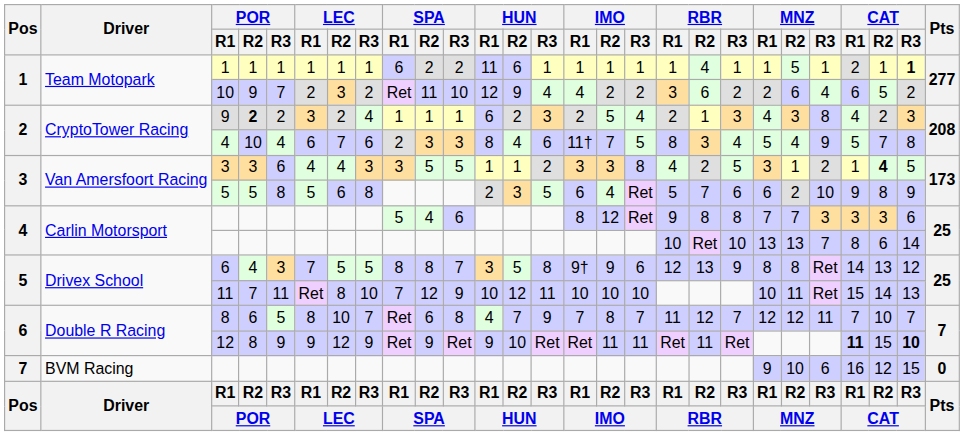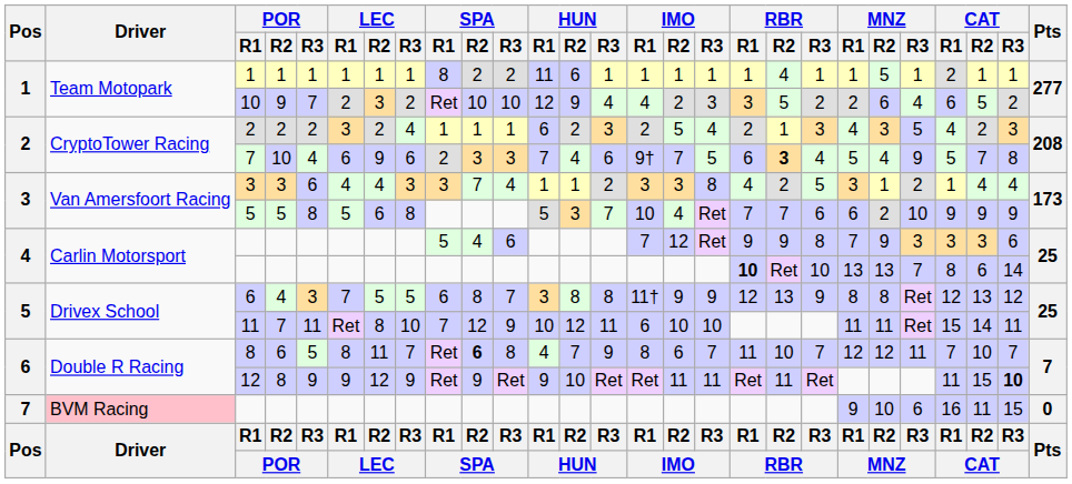 <table class="wikitable" style="font-size: 85%; text-align:center">
 <tr>
 <th rowspan="2" valign="middle">Pos</th>
 <th rowspan="2" valign="middle">Driver</th>
 <th colspan="3"><a href='#'>POR</a><br></th>
 <th colspan="3"><a href='#'>LEC</a><br></th>
 <th colspan="3"><a href='#'>SPA</a><br></th>
 <th colspan="3"><a href='#'>HUN</a><br></th>
 <th colspan="3"><a href='#'>IMO</a><br></th>
 <th colspan="3"><a href='#'>RBR</a><br></th>
 <th colspan="3"><a href='#'>MNZ</a><br></th>
 <th colspan="3"><a href='#'>CAT</a><br></th>
 <th rowspan="2" valign="middle">Pts</th>
 </tr>
 <tr>
 <th>R1</th>
 <th>R2</th>
 <th>R3</th>
 <th>R1</th>
 <th>R2</th>
 <th>R3</th>
 <th>R1</th>
 <th>R2</th>
 <th>R3</th>
 <th>R1</th>
 <th>R2</th>
 <th>R3</th>
 <th>R1</th>
 <th>R2</th>
 <th>R3</th>
 <th>R1</th>
 <th>R2</th>
 <th>R3</th>
 <th>R1</th>
 <th>R2</th>
 <th>R3</th>
 <th>R1</th>
 <th>R2</th>
 <th>R3</th>
 </tr>
 <tr>
 <th rowspan="2">1</th>
 <td rowspan="2" align="left"> <a href='#'>Team Motopark</a></td>
 <td style="background:#FFFFBF;">1</td>
 <td style="background:#FFFFBF;">1</td>
 <td style="background:#FFFFBF;">1</td>
 <td style="background:#FFFFBF;">1</td>
 <td style="background:#FFFFBF;">1</td>
 <td style="background:#FFFFBF;">1</td>
-<td style="background:#cfcfff;">6</td>
+<td style="background:#cfcfff;">8</td>
 <td style="background:#DFDFDF;">2</td>
 <td style="background:#DFDFDF;">2</td>
 <td style="background:#cfcfff;">11</td>
 <td style="background:#cfcfff;">6</td>
 <td style="background:#FFFFBF;">1</td>
 <td style="background:#FFFFBF;">1</td>
 <td style="background:#FFFFBF;">1</td>
 <td style="background:#FFFFBF;">1</td>
 <td style="background:#FFFFBF;">1</td>
 <td style="background:#DFFFDF;">4</td>
 <td style="background:#FFFFBF;">1</td>
 <td style="background:#FFFFBF;">1</td>
 <td style="background:#DFFFDF;">5</td>
 <td style="background:#FFFFBF;">1</td>
 <td style="background:#DFDFDF;">2</td>
 <td style="background:#FFFFBF;">1</td>
-<td style="background:#FFFFBF;"><strong>1</strong></td>
+<td style="background:#FFFFBF;">1</td>
 <th rowspan="2">277</th>
 </tr>
 <tr>
 <td style="background:#cfcfff;">10</td>
 <td style="background:#cfcfff;">9</td>
 <td style="background:#cfcfff;">7</td>
 <td style="background:#DFDFDF;">2</td>
 <td style="background:#FFDF9F;">3</td>
 <td style="background:#DFDFDF;">2</td>
 <td style="background:#EFCFFF;">Ret</td>
-<td style="background:#cfcfff;">11</td>
+<td style="background:#cfcfff;">10</td>
 <td style="background:#cfcfff;">10</td>
 <td style="background:#cfcfff;">12</td>
 <td style="background:#cfcfff;">9</td>
 <td style="background:#DFFFDF;">4</td>
 <td style="background:#DFFFDF;">4</td>
 <td style="background:#DFDFDF;">2</td>
-<td style="background:#DFDFDF;">2</td>
+<td style="background:#DFDFDF;">3</td>
 <td style="background:#FFDF9F;">3</td>
-<td style="background:#DFFFDF;">6</td>
+<td style="background:#DFFFDF;">5</td>
 <td style="background:#DFDFDF;">2</td>
 <td style="background:#DFDFDF;">2</td>
 <td style="background:#cfcfff;">6</td>
 <td style="background:#DFFFDF;">4</td>
 <td style="background:#cfcfff;">6</td>
 <td style="background:#DFFFDF;">5</td>
 <td style="background:#DFDFDF;">2</td>
 </tr>
 <tr>
 <th rowspan="2">2</th>
 <td rowspan="2" align="left"> <a href='#'>CryptoTower Racing</a></td>
-<td style="background:#DFDFDF;">9</td>
-<td style="background:#DFDFDF;"><strong>2</strong></td>
+<td style="background:#DFDFDF;">2</td>
+<td style="background:#DFDFDF;">2</td>
 <td style="background:#DFDFDF;">2</td>
 <td style="background:#FFDF9F;">3</td>
 <td style="background:#DFDFDF;">2</td>
 <td style="background:#DFFFDF;">4</td>
 <td style="background:#FFFFBF;">1</td>
 <td style="background:#FFFFBF;">1</td>
 <td style="background:#FFFFBF;">1</td>
 <td style="background:#cfcfff;">6</td>
 <td style="background:#DFDFDF;">2</td>
 <td style="background:#FFDF9F;">3</td>
 <td style="background:#DFDFDF;">2</td>
 <td style="background:#DFFFDF;">5</td>
 <td style="background:#DFFFDF;">4</td>
 <td style="background:#DFDFDF;">2</td>
 <td style="background:#FFFFBF;">1</td>
 <td style="background:#FFDF9F;">3</td>
 <td style="background:#DFFFDF;">4</td>
 <td style="background:#FFDF9F;">3</td>
-<td style="background:#cfcfff;">8</td>
+<td style="background:#cfcfff;">5</td>
 <td style="background:#DFFFDF;">4</td>
 <td style="background:#DFDFDF;">2</td>
 <td style="background:#FFDF9F;">3</td>
 <th rowspan="2">208</th>
 </tr>
 <tr>
-<td style="background:#DFFFDF;">4</td>
+<td style="background:#DFFFDF;">7</td>
 <td style="background:#cfcfff;">10</td>
 <td style="background:#DFFFDF;">4</td>
 <td style="background:#cfcfff;">6</td>
-<td style="background:#cfcfff;">7</td>
+<td style="background:#cfcfff;">9</td>
 <td style="background:#cfcfff;">6</td>
 <td style="background:#DFDFDF;">2</td>
 <td style="background:#FFDF9F;">3</td>
 <td style="background:#FFDF9F;">3</td>
-<td style="background:#cfcfff;">8</td>
+<td style="background:#cfcfff;">7</td>
 <td style="background:#DFFFDF;">4</td>
 <td style="background:#cfcfff;">6</td>
-<td style="background:#cfcfff;">11†</td>
+<td style="background:#cfcfff;">9†</td>
 <td style="background:#cfcfff;">7</td>
 <td style="background:#DFFFDF;">5</td>
-<td style="background:#cfcfff;">8</td>
-<td style="background:#FFDF9F;">3</td>
+<td style="background:#cfcfff;">6</td>
+<td style="background:#FFDF9F;"><strong>3</strong></td>
 <td style="background:#DFFFDF;">4</td>
 <td style="background:#DFFFDF;">5</td>
 <td style="background:#DFFFDF;">4</td>
 <td style="background:#cfcfff;">9</td>
 <td style="background:#DFFFDF;">5</td>
 <td style="background:#cfcfff;">7</td>
 <td style="background:#cfcfff;">8</td>
 </tr>
 <tr>
 <th rowspan="2">3</th>
 <td rowspan="2" align="left"> <a href='#'>Van Amersfoort Racing</a></td>
 <td style="background:#FFDF9F;">3</td>
 <td style="background:#FFDF9F;">3</td>
 <td style="background:#cfcfff;">6</td>
 <td style="background:#DFFFDF;">4</td>
 <td style="background:#DFFFDF;">4</td>
 <td style="background:#FFDF9F;">3</td>
 <td style="background:#FFDF9F;">3</td>
-<td style="background:#DFFFDF;">5</td>
-<td style="background:#DFFFDF;">5</td>
+<td style="background:#DFFFDF;">7</td>
+<td style="background:#DFFFDF;">4</td>
 <td style="background:#FFFFBF;">1</td>
 <td style="background:#FFFFBF;">1</td>
 <td style="background:#DFDFDF;">2</td>
 <td style="background:#FFDF9F;">3</td>
 <td style="background:#FFDF9F;">3</td>
 <td style="background:#cfcfff;">8</td>
 <td style="background:#DFFFDF;">4</td>
 <td style="background:#DFDFDF;">2</td>
 <td style="background:#DFFFDF;">5</td>
 <td style="background:#FFDF9F;">3</td>
 <td style="background:#FFFFBF;">1</td>
 <td style="background:#DFDFDF;">2</td>
 <td style="background:#FFFFBF;">1</td>
-<td style="background:#DFFFDF;"><strong>4</strong></td>
-<td style="background:#DFFFDF;">5</td>
+<td style="background:#DFFFDF;">4</td>
+<td style="background:#DFFFDF;">4</td>
 <th rowspan="2">173</th>
 </tr>
 <tr>
 <td style="background:#DFFFDF;">5</td>
 <td style="background:#DFFFDF;">5</td>
 <td style="background:#cfcfff;">8</td>
 <td style="background:#DFFFDF;">5</td>
 <td style="background:#cfcfff;">6</td>
 <td style="background:#cfcfff;">8</td>
 <td></td>
 <td></td>
 <td></td>
-<td style="background:#DFDFDF;">2</td>
+<td style="background:#DFDFDF;">5</td>
 <td style="background:#FFDF9F;">3</td>
-<td style="background:#DFFFDF;">5</td>
-<td style="background:#cfcfff;">6</td>
+<td style="background:#DFFFDF;">7</td>
+<td style="background:#cfcfff;">10</td>
 <td style="background:#DFFFDF;">4</td>
 <td style="background:#EFCFFF;">Ret</td>
-<td style="background:#cfcfff;">5</td>
+<td style="background:#cfcfff;">7</td>
 <td style="background:#cfcfff;">7</td>
 <td style="background:#cfcfff;">6</td>
 <td style="background:#cfcfff;">6</td>
 <td style="background:#DFDFDF;">2</td>
 <td style="background:#cfcfff;">10</td>
 <td style="background:#cfcfff;">9</td>
-<td style="background:#cfcfff;">8</td>
+<td style="background:#cfcfff;">9</td>
 <td style="background:#cfcfff;">9</td>
 </tr>
 <tr>
 <th rowspan="2">4</th>
 <td rowspan="2" align="left"> <a href='#'>Carlin Motorsport</a></td>
 <td></td>
 <td></td>
 <td></td>
 <td></td>
 <td></td>
 <td></td>
 <td style="background:#DFFFDF;">5</td>
 <td style="background:#DFFFDF;">4</td>
 <td style="background:#cfcfff;">6</td>
 <td></td>
 <td></td>
 <td></td>
-<td style="background:#cfcfff;">8</td>
+<td style="background:#cfcfff;">7</td>
 <td style="background:#cfcfff;">12</td>
 <td style="background:#EFCFFF;">Ret</td>
 <td style="background:#cfcfff;">9</td>
-<td style="background:#cfcfff;">8</td>
+<td style="background:#cfcfff;">9</td>
 <td style="background:#cfcfff;">8</td>
 <td style="background:#cfcfff;">7</td>
-<td style="background:#cfcfff;">7</td>
+<td style="background:#cfcfff;">9</td>
 <td style="background:#FFDF9F;">3</td>
 <td style="background:#FFDF9F;">3</td>
 <td style="background:#FFDF9F;">3</td>
 <td style="background:#cfcfff;">6</td>
 <th rowspan="2">25</th>
 </tr>
 <tr>
 <td></td>
 <td></td>
 <td></td>
 <td></td>
 <td></td>
 <td></td>
 <td></td>
 <td></td>
 <td></td>
 <td></td>
 <td></td>
 <td></td>
 <td></td>
 <td></td>
 <td></td>
-<td style="background:#cfcfff;">10</td>
+<td style="background:#cfcfff;"><strong>10</strong></td>
 <td style="background:#EFCFFF;">Ret</td>
 <td style="background:#cfcfff;">10</td>
 <td style="background:#cfcfff;">13</td>
 <td style="background:#cfcfff;">13</td>
 <td style="background:#cfcfff;">7</td>
 <td style="background:#cfcfff;">8</td>
 <td style="background:#cfcfff;">6</td>
 <td style="background:#cfcfff;">14</td>
 </tr>
 <tr>
 <th rowspan="2">5</th>
 <td rowspan="2" align="left"> <a href='#'>Drivex School</a></td>
 <td style="background:#cfcfff;">6</td>
 <td style="background:#DFFFDF;">4</td>
 <td style="background:#FFDF9F;">3</td>
 <td style="background:#cfcfff;">7</td>
 <td style="background:#DFFFDF;">5</td>
 <td style="background:#DFFFDF;">5</td>
-<td style="background:#cfcfff;">8</td>
+<td style="background:#cfcfff;">6</td>
 <td style="background:#cfcfff;">8</td>
 <td style="background:#cfcfff;">7</td>
 <td style="background:#FFDF9F;">3</td>
-<td style="background:#DFFFDF;">5</td>
+<td style="background:#DFFFDF;">8</td>
 <td style="background:#cfcfff;">8</td>
-<td style="background:#cfcfff;">9†</td>
+<td style="background:#cfcfff;">11†</td>
 <td style="background:#cfcfff;">9</td>
-<td style="background:#cfcfff;">6</td>
+<td style="background:#cfcfff;">9</td>
 <td style="background:#cfcfff;">12</td>
 <td style="background:#cfcfff;">13</td>
 <td style="background:#cfcfff;">9</td>
 <td style="background:#cfcfff;">8</td>
 <td style="background:#cfcfff;">8</td>
 <td style="background:#EFCFFF;">Ret</td>
-<td style="background:#cfcfff;">14</td>
+<td style="background:#cfcfff;">12</td>
 <td style="background:#cfcfff;">13</td>
 <td style="background:#cfcfff;">12</td>
 <th rowspan="2">25</th>
 </tr>
 <tr>
 <td style="background:#cfcfff;">11</td>
 <td style="background:#cfcfff;">7</td>
 <td style="background:#cfcfff;">11</td>
 <td style="background:#EFCFFF;">Ret</td>
 <td style="background:#cfcfff;">8</td>
 <td style="background:#cfcfff;">10</td>
 <td style="background:#cfcfff;">7</td>
 <td style="background:#cfcfff;">12</td>
 <td style="background:#cfcfff;">9</td>
 <td style="background:#cfcfff;">10</td>
 <td style="background:#cfcfff;">12</td>
 <td style="background:#cfcfff;">11</td>
-<td style="background:#cfcfff;">10</td>
+<td style="background:#cfcfff;">6</td>
 <td style="background:#cfcfff;">10</td>
 <td style="background:#cfcfff;">10</td>
 <td></td>
 <td></td>
 <td></td>
-<td style="background:#cfcfff;">10</td>
+<td style="background:#cfcfff;">11</td>
 <td style="background:#cfcfff;">11</td>
 <td style="background:#EFCFFF;">Ret</td>
 <td style="background:#cfcfff;">15</td>
 <td style="background:#cfcfff;">14</td>
-<td style="background:#cfcfff;">13</td>
+<td style="background:#cfcfff;">11</td>
 </tr>
 <tr>
 <th rowspan="2">6</th>
 <td rowspan="2" align="left"> <a href='#'>Double R Racing</a></td>
 <td style="background:#cfcfff;">8</td>
 <td style="background:#cfcfff;">6</td>
 <td style="background:#DFFFDF;">5</td>
 <td style="background:#cfcfff;">8</td>
-<td style="background:#cfcfff;">10</td>
+<td style="background:#cfcfff;">11</td>
 <td style="background:#cfcfff;">7</td>
 <td style="background:#EFCFFF;">Ret</td>
-<td style="background:#cfcfff;">6</td>
+<td style="background:#cfcfff;"><strong>6</strong></td>
 <td style="background:#cfcfff;">8</td>
 <td style="background:#DFFFDF;">4</td>
 <td style="background:#cfcfff;">7</td>
 <td style="background:#cfcfff;">9</td>
-<td style="background:#cfcfff;">7</td>
 <td style="background:#cfcfff;">8</td>
+<td style="background:#cfcfff;">6</td>
 <td style="background:#cfcfff;">7</td>
 <td style="background:#cfcfff;">11</td>
-<td style="background:#cfcfff;">12</td>
+<td style="background:#cfcfff;">10</td>
 <td style="background:#cfcfff;">7</td>
 <td style="background:#cfcfff;">12</td>
 <td style="background:#cfcfff;">12</td>
 <td style="background:#cfcfff;">11</td>
 <td style="background:#cfcfff;">7</td>
 <td style="background:#cfcfff;">10</td>
 <td style="background:#cfcfff;">7</td>
 <th rowspan="2">7</th>
 </tr>
 <tr>
 <td style="background:#cfcfff;">12</td>
 <td style="background:#cfcfff;">8</td>
 <td style="background:#cfcfff;">9</td>
 <td style="background:#cfcfff;">9</td>
 <td style="background:#cfcfff;">12</td>
 <td style="background:#cfcfff;">9</td>
 <td style="background:#EFCFFF;">Ret</td>
 <td style="background:#cfcfff;">9</td>
 <td style="background:#EFCFFF;">Ret</td>
 <td style="background:#cfcfff;">9</td>
 <td style="background:#cfcfff;">10</td>
 <td style="background:#EFCFFF;">Ret</td>
 <td style="background:#EFCFFF;">Ret</td>
 <td style="background:#cfcfff;">11</td>
 <td style="background:#cfcfff;">11</td>
 <td style="background:#EFCFFF;">Ret</td>
 <td style="background:#cfcfff;">11</td>
 <td style="background:#EFCFFF;">Ret</td>
 <td></td>
 <td></td>
 <td></td>
-<td style="background:#cfcfff;"><strong>11</strong></td>
+<td style="background:#cfcfff;">11</td>
 <td style="background:#cfcfff;">15</td>
 <td style="background:#cfcfff;"><strong>10</strong></td>
 </tr>
 <tr>
 <th>7</th>
-<td align="left"> BVM Racing</td>
+<td align="left" style="background: pink;"> BVM Racing</td>
 <td></td>
 <td></td>
 <td></td>
 <td></td>
 <td></td>
 <td></td>
 <td></td>
 <td></td>
 <td></td>
 <td></td>
 <td></td>
 <td></td>
 <td></td>
 <td></td>
 <td></td>
 <td></td>
 <td></td>
 <td></td>
 <td style="background:#cfcfff;">9</td>
 <td style="background:#cfcfff;">10</td>
 <td style="background:#cfcfff;">6</td>
 <td style="background:#cfcfff;">16</td>
-<td style="background:#cfcfff;">12</td>
+<td style="background:#cfcfff;">11</td>
 <td style="background:#cfcfff;">15</td>
 <th>0</th>
 </tr>
 <tr>
 <th rowspan="2">Pos</th>
 <th rowspan="2">Driver</th>
 <th>R1</th>
 <th>R2</th>
 <th>R3</th>
 <th>R1</th>
 <th>R2</th>
 <th>R3</th>
 <th>R1</th>
 <th>R2</th>
 <th>R3</th>
 <th>R1</th>
 <th>R2</th>
 <th>R3</th>
 <th>R1</th>
 <th>R2</th>
 <th>R3</th>
 <th>R1</th>
 <th>R2</th>
 <th>R3</th>
 <th>R1</th>
 <th>R2</th>
 <th>R3</th>
 <th>R1</th>
 <th>R2</th>
 <th>R3</th>
 <th rowspan="2">Pts</th>
 </tr>
 <tr>
 <th colspan="3"><a href='#'>POR</a><br></th>
 <th colspan="3"><a href='#'>LEC</a><br></th>
 <th colspan="3"><a href='#'>SPA</a><br></th>
 <th colspan="3"><a href='#'>HUN</a><br></th>
 <th colspan="3"><a href='#'>IMO</a><br></th>
 <th colspan="3"><a href='#'>RBR</a><br></th>
 <th colspan="3"><a href='#'>MNZ</a><br></th>
 <th colspan="3"><a href='#'>CAT</a><br></th>
 </tr>
 </table>
